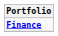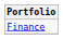 <table class="wikitable">
 <tr>
 <th>Portfolio</th>
 </tr>
 <tr>
-<td><strong><a href='#'>Finance</a></strong></td>
+<td><a href='#'>Finance</a></td>
 </tr>
 <tr>
 </tr>
 </table>
